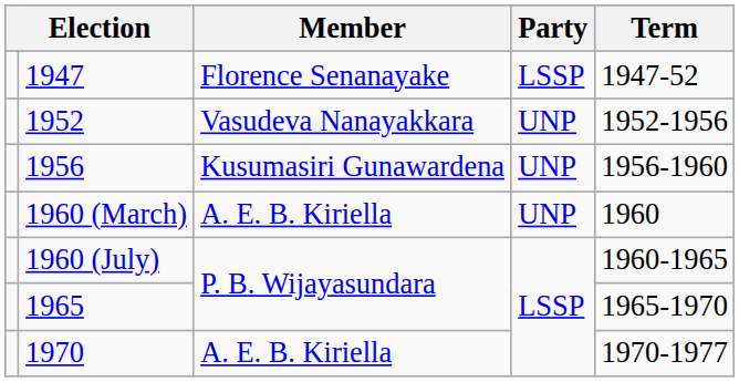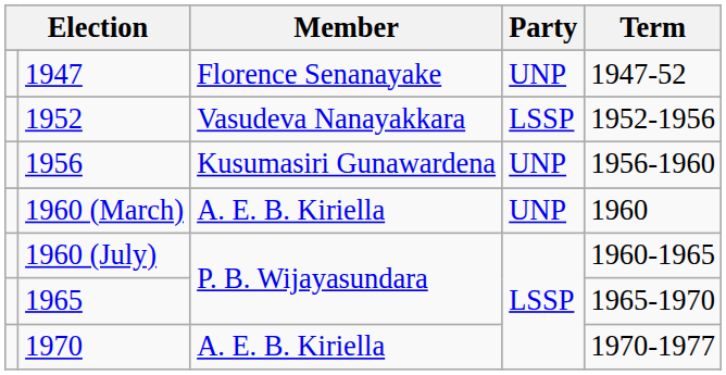 <table class="wikitable">
 <tr>
 <th colspan="2">Election</th>
 <th>Member</th>
 <th>Party</th>
 <th>Term</th>
 </tr>
 <tr>
 <td style="background-color: "></td>
 <td><a href='#'>1947</a></td>
 <td><a href='#'>Florence Senanayake</a></td>
-<td><a href='#'>LSSP</a></td>
+<td><a href='#'>UNP</a></td>
 <td>1947-52</td>
 </tr>
 <tr>
 <td style="background-color: "></td>
 <td><a href='#'>1952</a></td>
 <td><a href='#'>Vasudeva Nanayakkara</a></td>
-<td><a href='#'>UNP</a></td>
+<td><a href='#'>LSSP</a></td>
 <td>1952-1956</td>
 </tr>
 <tr>
 <td style="background-color: "></td>
 <td><a href='#'>1956</a></td>
 <td><a href='#'>Kusumasiri Gunawardena</a></td>
 <td><a href='#'>UNP</a></td>
 <td>1956-1960</td>
 </tr>
 <tr>
 <td style="background-color: "></td>
 <td><a href='#'>1960 (March)</a></td>
 <td><a href='#'>A. E. B. Kiriella</a></td>
 <td><a href='#'>UNP</a></td>
 <td>1960</td>
 </tr>
 <tr>
 <td style="background-color: "></td>
 <td><a href='#'>1960 (July)</a></td>
 <td rowspan=2><a href='#'>P. B. Wijayasundara</a></td>
 <td rowspan=3><a href='#'>LSSP</a></td>
 <td>1960-1965</td>
 </tr>
 <tr>
 <td style="background-color: "></td>
 <td><a href='#'>1965</a></td>
 <td>1965-1970</td>
 </tr>
 <tr>
 <td style="background-color: "></td>
 <td><a href='#'>1970</a></td>
 <td><a href='#'>A. E. B. Kiriella</a></td>
 <td>1970-1977</td>
 </tr>
 </table>
